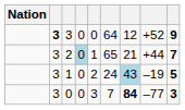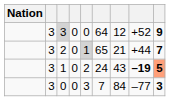 <table class="wikitable" style="text-align: center;">
 <tr>
 <th>Nation</th>
 <th></th>
 <th></th>
 <th></th>
 <th></th>
 <th></th>
 <th></th>
 <th></th>
 <th></th>
 </tr>
 <tr>
 <td align="left"></td>
-<td><strong>3</strong></td>
 <td>3</td>
+<td style="background: lightgrey;">3</td>
 <td>0</td>
 <td>0</td>
 <td>64</td>
 <td>12</td>
 <td>+52</td>
 <td><strong>9</strong></td>
 </tr>
 <tr>
 <td align="left"></td>
 <td>3</td>
 <td>2</td>
-<td style="background: lightblue;">0</td>
-<td>1</td>
+<td>0</td>
+<td style="background: lightgrey;">1</td>
 <td>65</td>
 <td>21</td>
 <td>+44</td>
 <td><strong>7</strong></td>
 </tr>
 <tr>
 <td align="left"></td>
 <td>3</td>
 <td>1</td>
 <td>0</td>
 <td>2</td>
 <td>24</td>
-<td style="background: lightblue;">43</td>
-<td>–19</td>
-<td><strong>5</strong></td>
+<td>43</td>
+<td><strong>–19</strong></td>
+<td style="background: lightsalmon;"><strong>5</strong></td>
 </tr>
 <tr>
 <td align="left"></td>
 <td>3</td>
 <td>0</td>
 <td>0</td>
 <td>3</td>
 <td>7</td>
-<td><strong>84</strong></td>
+<td>84</td>
 <td>–77</td>
 <td><strong>3</strong></td>
 </tr>
 </table>
